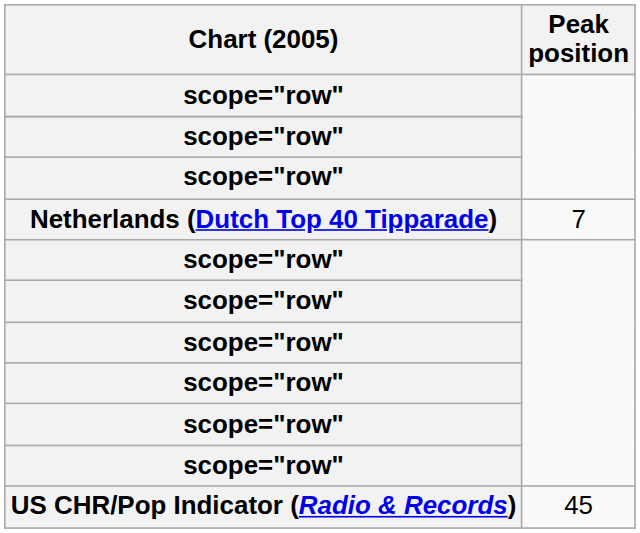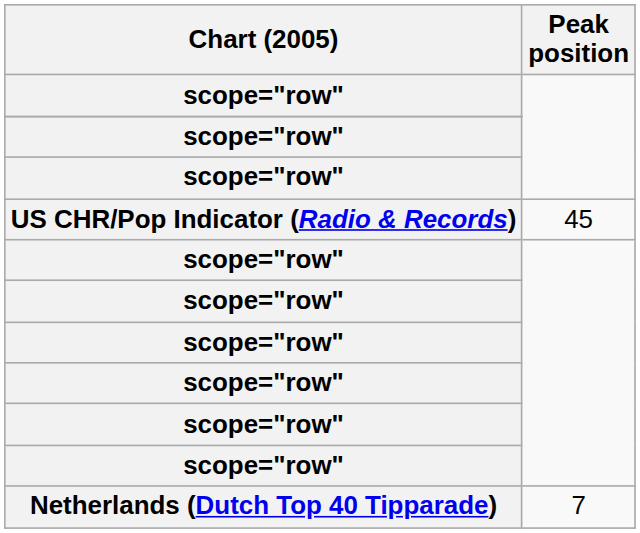 <table class="wikitable sortable plainrowheaders" style="text-align:center">
 <tr>
 <th row="col">Chart (2005)</th>
 <th row="col">Peak<br>position</th>
 </tr>
 <tr>
 <th>scope="row" </th>
 </tr>
 <tr>
 </tr>
 <tr>
 <th>scope="row" </th>
 </tr>
 <tr>
 <th>scope="row" </th>
 </tr>
 <tr>
-<th scope="row">Netherlands (<a href='#'>Dutch Top 40 Tipparade</a>)</th>
-<td>7</td>
+<th scope="row">US CHR/Pop Indicator (<em><a href='#'>Radio & Records</a></em>)</th>
+<td>45</td>
 </tr>
 <tr>
 <th>scope="row" </th>
 </tr>
 <tr>
 <th>scope="row" </th>
 </tr>
 <tr>
 <th>scope="row" </th>
 </tr>
 <tr>
 <th>scope="row" </th>
 </tr>
 <tr>
 <th>scope="row" </th>
 </tr>
 <tr>
 <th>scope="row" </th>
 </tr>
 <tr>
-<th scope="row">US CHR/Pop Indicator (<em><a href='#'>Radio & Records</a></em>)</th>
-<td>45</td>
+<th scope="row">Netherlands (<a href='#'>Dutch Top 40 Tipparade</a>)</th>
+<td>7</td>
 </tr>
 </table>
